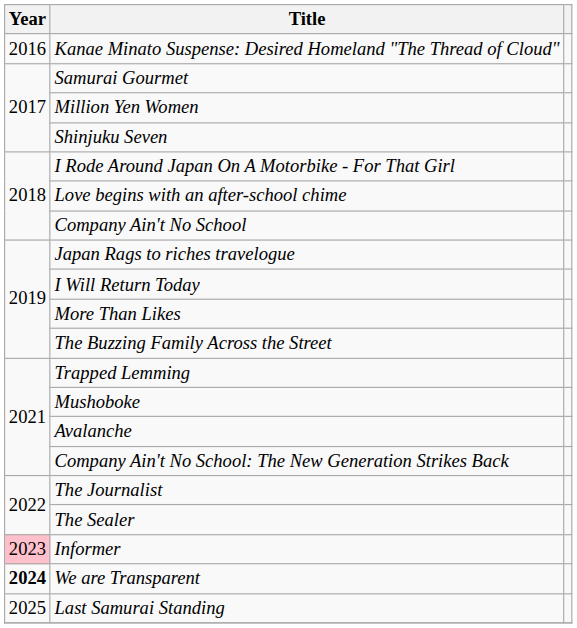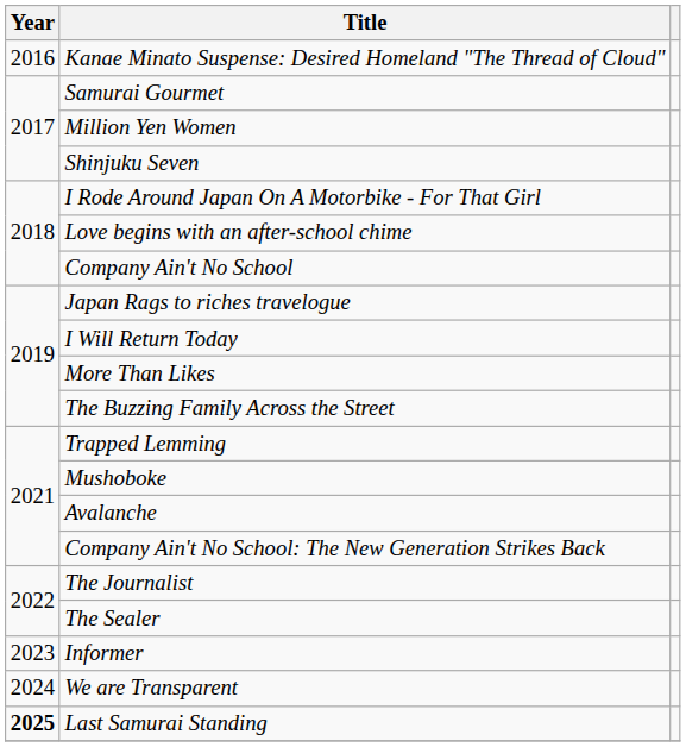 <table class="wikitable sortable">
 <tr>
 <th>Year</th>
 <th>Title</th>
 <th class="unsortable"></th>
 </tr>
 <tr>
 <td>2016</td>
 <td><em>Kanae Minato Suspense: Desired Homeland "The Thread of Cloud"</em></td>
 <td></td>
 </tr>
 <tr>
 <td rowspan=3>2017</td>
 <td><em>Samurai Gourmet</em></td>
 <td></td>
 </tr>
 <tr>
 <td><em>Million Yen Women</em></td>
 <td></td>
 </tr>
 <tr>
 <td><em>Shinjuku Seven</em></td>
 <td></td>
 </tr>
 <tr>
 <td rowspan=3>2018</td>
 <td><em>I Rode Around Japan On A Motorbike - For That Girl</em></td>
 <td></td>
 </tr>
 <tr>
 <td><em>Love begins with an after-school chime</em></td>
 <td></td>
 </tr>
 <tr>
 <td><em>Company Ain't No School</em></td>
 <td></td>
 </tr>
 <tr>
 <td rowspan=4>2019</td>
 <td><em>Japan Rags to riches travelogue</em></td>
 <td></td>
 </tr>
 <tr>
 <td><em>I Will Return Today</em></td>
 <td></td>
 </tr>
 <tr>
 <td><em>More Than Likes</em></td>
 <td></td>
 </tr>
 <tr>
 <td><em>The Buzzing Family Across the Street</em></td>
 <td></td>
 </tr>
 <tr>
 <td rowspan=4>2021</td>
 <td><em>Trapped Lemming</em></td>
 <td></td>
 </tr>
 <tr>
 <td><em>Mushoboke</em></td>
 <td></td>
 </tr>
 <tr>
 <td><em>Avalanche</em></td>
 <td></td>
 </tr>
 <tr>
 <td><em>Company Ain't No School: The New Generation Strikes Back</em></td>
 <td></td>
 </tr>
 <tr>
 <td rowspan=2>2022</td>
 <td><em>The Journalist</em></td>
 <td></td>
 </tr>
 <tr>
 <td><em>The Sealer</em></td>
 <td></td>
 </tr>
 <tr>
-<td style="background: pink;">2023</td>
+<td>2023</td>
 <td><em>Informer</em></td>
 <td></td>
 </tr>
 <tr>
-<td><strong>2024</strong></td>
+<td>2024</td>
 <td><em>We are Transparent</em></td>
 <td></td>
 </tr>
 <tr>
-<td>2025</td>
+<td><strong>2025</strong></td>
 <td><em>Last Samurai Standing</em></td>
 <td></td>
 </tr>
 <tr>
 </tr>
 </table>
